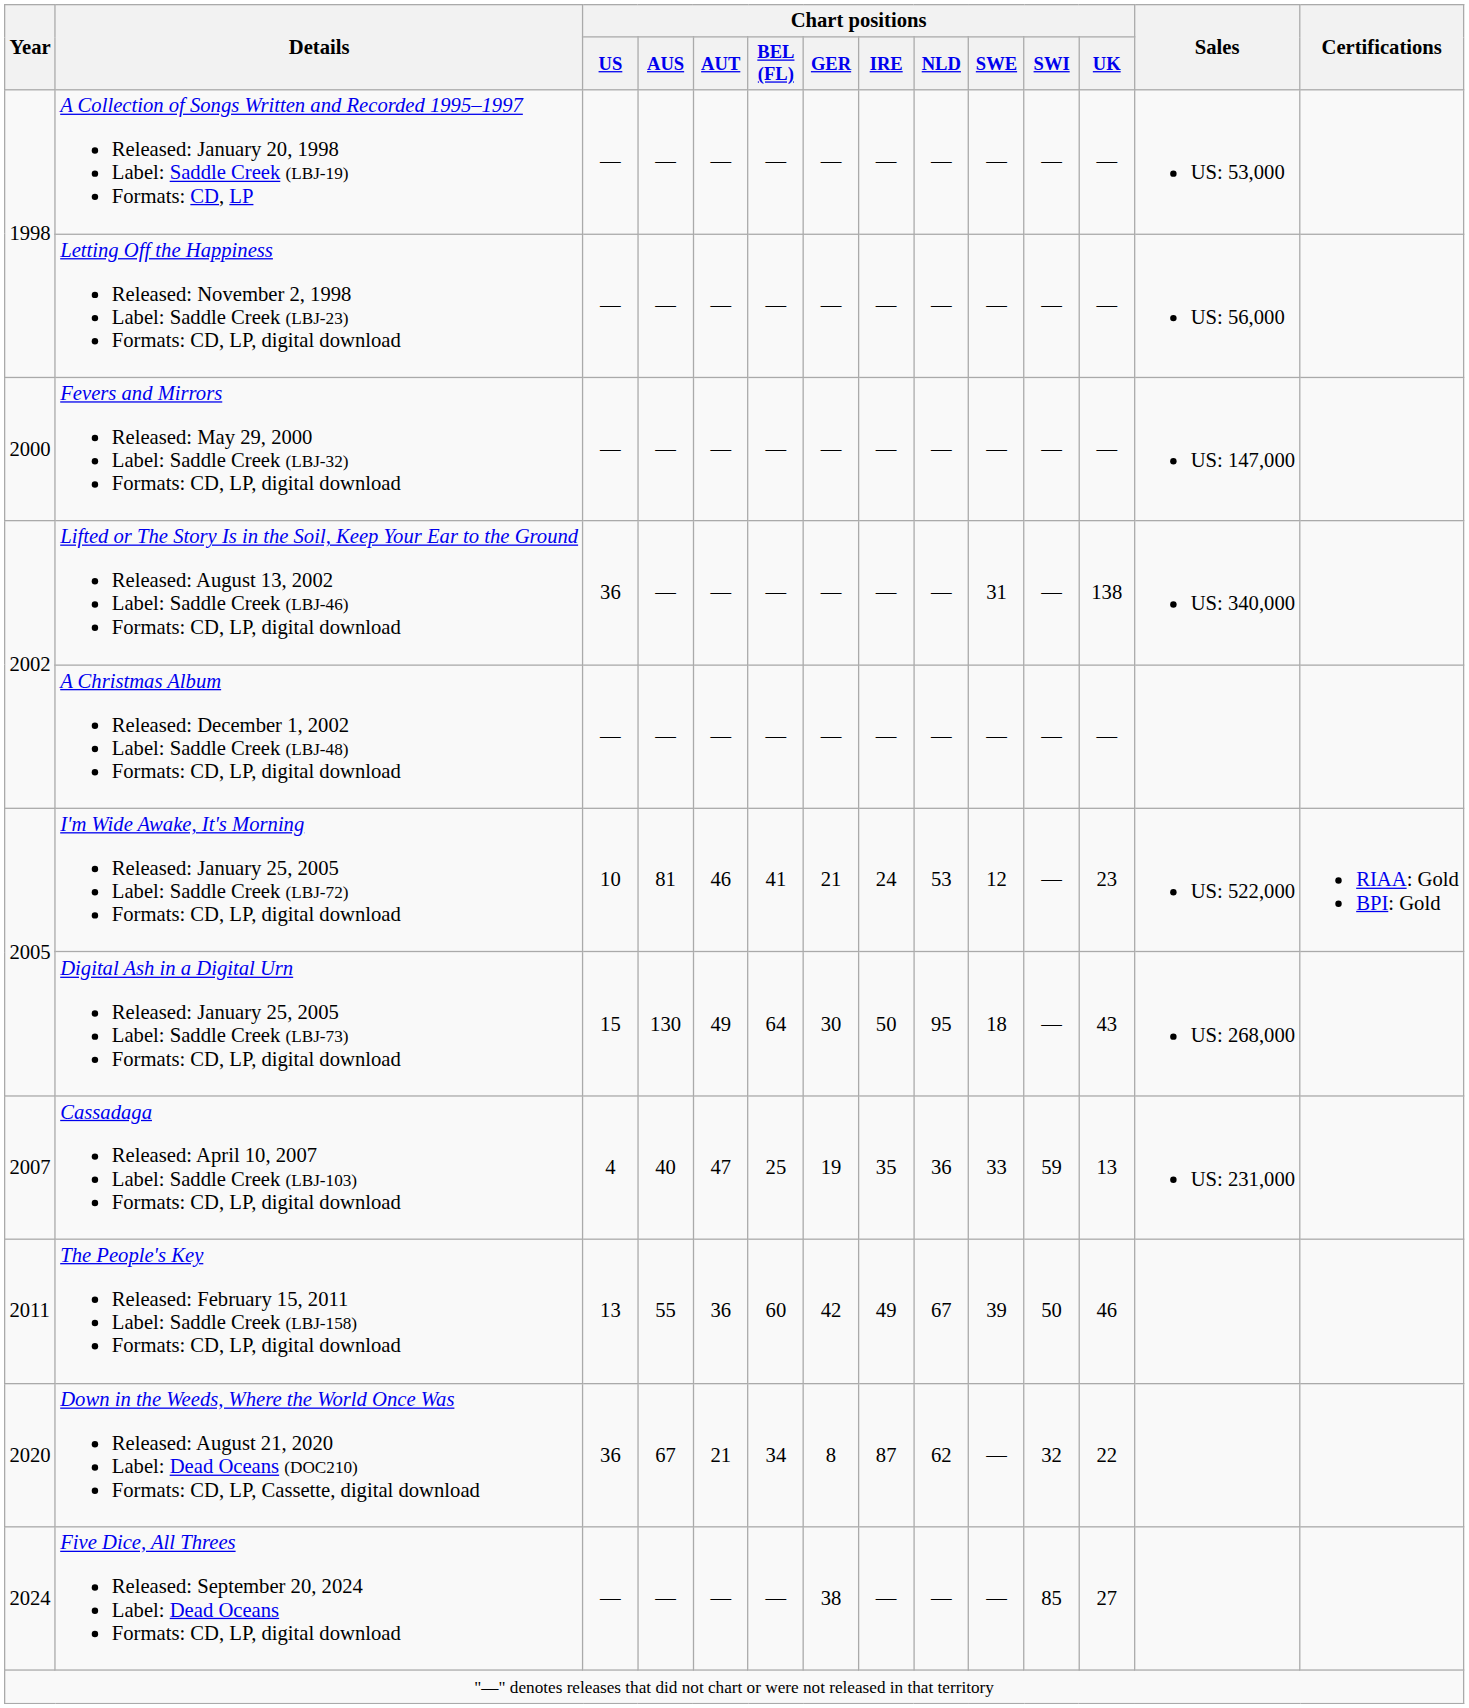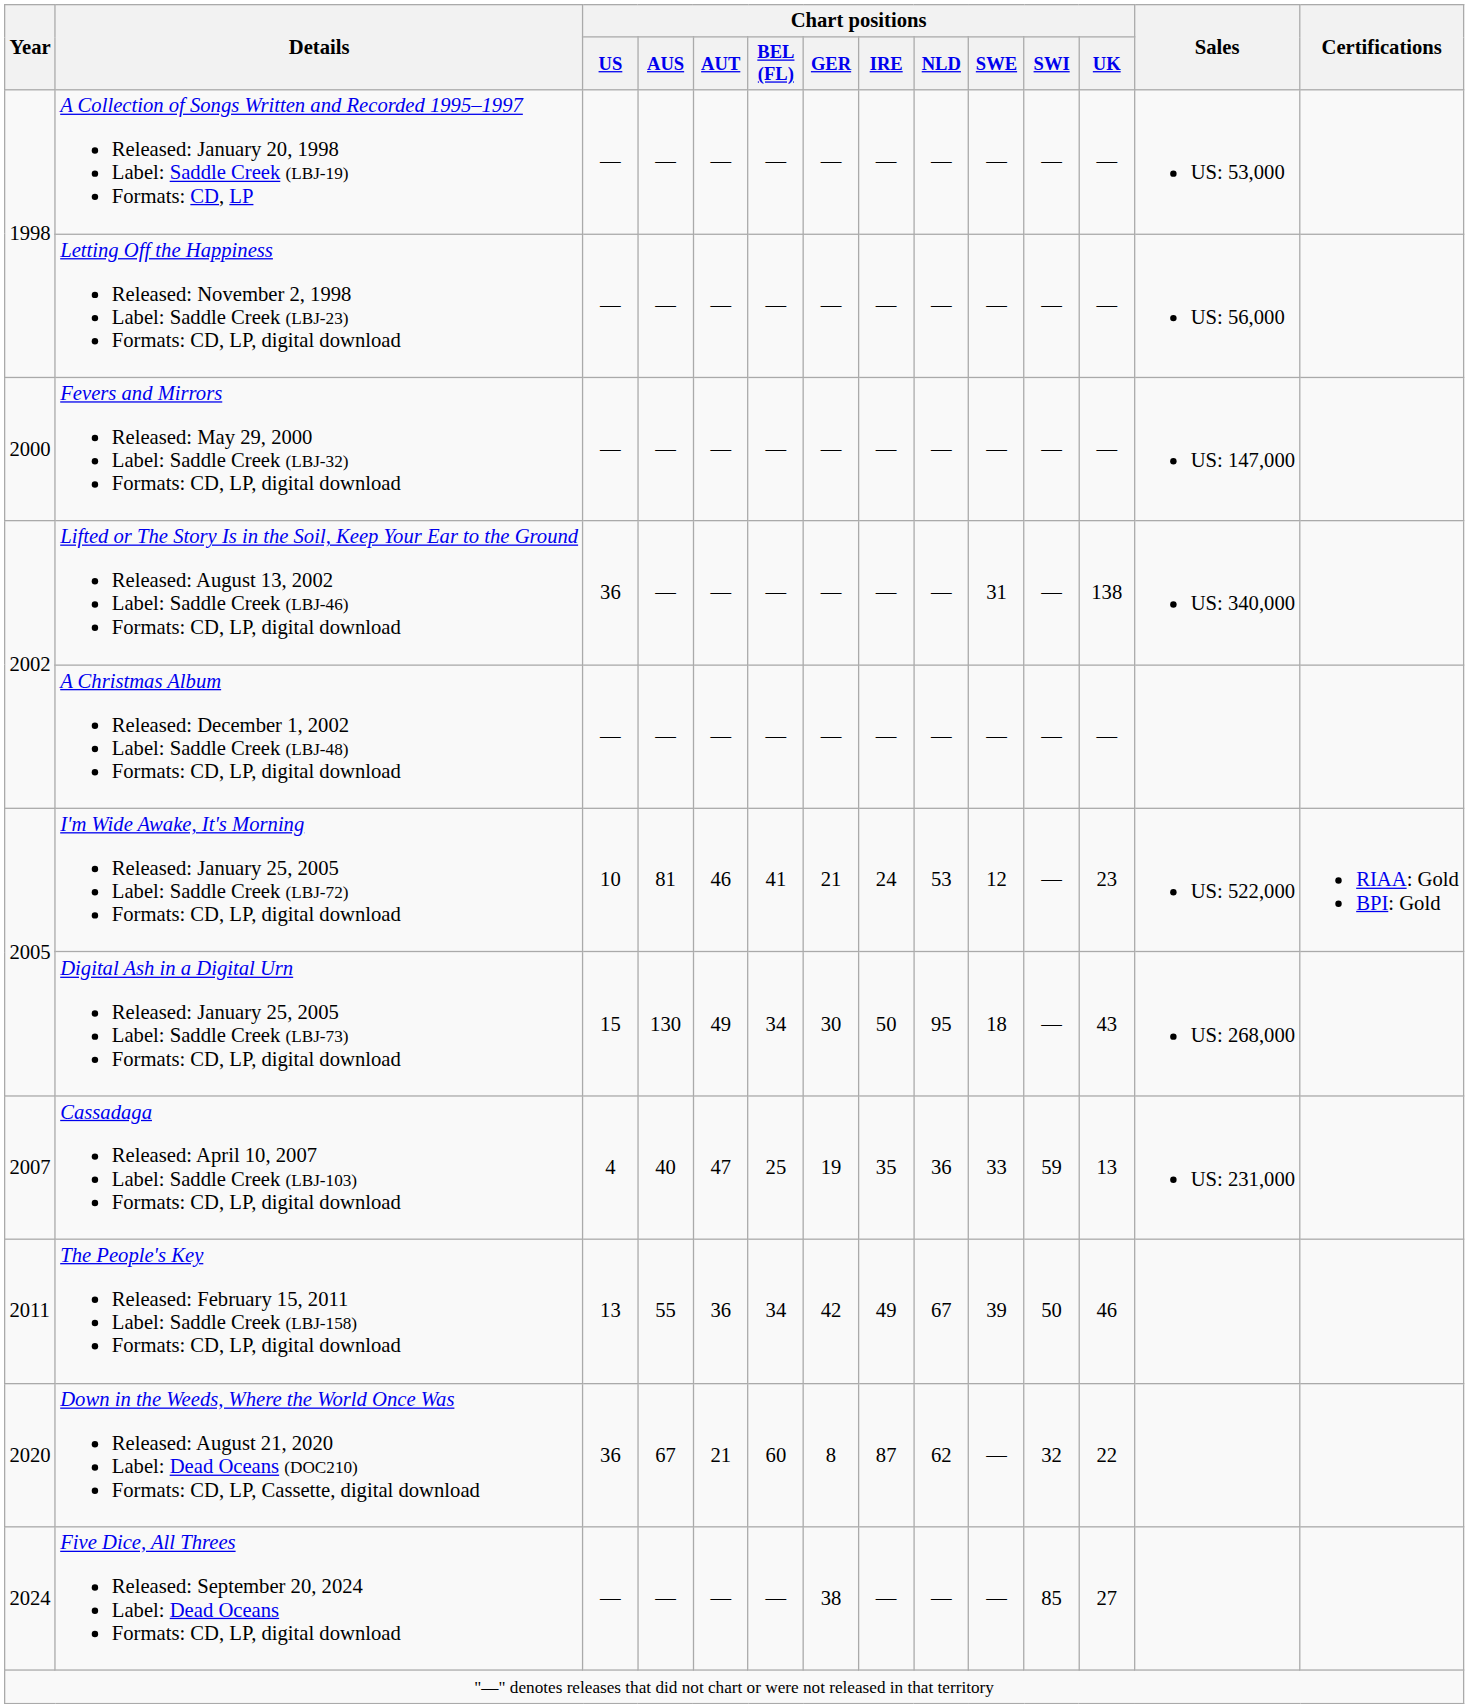 <table class="wikitable">
 <tr>
 <th rowspan="2">Year</th>
 <th rowspan="2">Details</th>
 <th colspan="10">Chart positions</th>
 <th rowspan="2">Sales</th>
 <th rowspan="2">Certifications</th>
 </tr>
 <tr>
 <th scope="col" style="width:2.5em;font-size:90%;"><a href='#'>US</a><br></th>
 <th scope="col" style="width:2.5em;font-size:90%;"><a href='#'>AUS</a><br></th>
 <th scope="col" style="width:2.5em;font-size:90%;"><a href='#'>AUT</a><br></th>
 <th scope="col" style="width:2.5em;font-size:90%;"><a href='#'>BEL<br>(FL)</a><br></th>
 <th scope="col" style="width:2.5em;font-size:90%;"><a href='#'>GER</a><br></th>
 <th scope="col" style="width:2.5em;font-size:90%;"><a href='#'>IRE</a><br></th>
 <th scope="col" style="width:2.5em;font-size:90%;"><a href='#'>NLD</a><br></th>
 <th scope="col" style="width:2.5em;font-size:90%;"><a href='#'>SWE</a><br></th>
 <th scope="col" style="width:2.5em;font-size:90%;"><a href='#'>SWI</a><br></th>
 <th scope="col" style="width:2.5em;font-size:90%;"><a href='#'>UK</a><br></th>
 </tr>
 <tr>
 <td rowspan="2">1998</td>
 <td><em><a href='#'>A Collection of Songs Written and Recorded 1995–1997</a></em><br><ul><li>Released: January 20, 1998</li><li>Label: <a href='#'>Saddle Creek</a> <small>(LBJ-19)</small></li><li>Formats: <a href='#'>CD</a>, <a href='#'>LP</a></li></ul></td>
 <td align="center">—</td>
 <td align="center">—</td>
 <td align="center">—</td>
 <td align="center">—</td>
 <td align="center">—</td>
 <td align="center">—</td>
 <td align="center">—</td>
 <td align="center">—</td>
 <td align="center">—</td>
 <td align="center">—</td>
 <td><br><ul><li>US: 53,000</li></ul></td>
 <td></td>
 </tr>
 <tr>
 <td><em><a href='#'>Letting Off the Happiness</a></em><br><ul><li>Released: November 2, 1998</li><li>Label: Saddle Creek <small>(LBJ-23)</small></li><li>Formats: CD, LP, digital download</li></ul></td>
 <td align="center">—</td>
 <td align="center">—</td>
 <td align="center">—</td>
 <td align="center">—</td>
 <td align="center">—</td>
 <td align="center">—</td>
 <td align="center">—</td>
 <td align="center">—</td>
 <td align="center">—</td>
 <td align="center">—</td>
 <td><br><ul><li>US: 56,000</li></ul></td>
 <td></td>
 </tr>
 <tr>
 <td>2000</td>
 <td><em><a href='#'>Fevers and Mirrors</a></em><br><ul><li>Released: May 29, 2000</li><li>Label: Saddle Creek <small>(LBJ-32)</small></li><li>Formats: CD, LP, digital download</li></ul></td>
 <td align="center">—</td>
 <td align="center">—</td>
 <td align="center">—</td>
 <td align="center">—</td>
 <td align="center">—</td>
 <td align="center">—</td>
 <td align="center">—</td>
 <td align="center">—</td>
 <td align="center">—</td>
 <td align="center">—</td>
 <td><br><ul><li>US: 147,000</li></ul></td>
 <td></td>
 </tr>
 <tr>
 <td rowspan="2">2002</td>
 <td><em><a href='#'>Lifted or The Story Is in the Soil, Keep Your Ear to the Ground</a></em><br><ul><li>Released: August 13, 2002</li><li>Label: Saddle Creek <small>(LBJ-46)</small></li><li>Formats: CD, LP, digital download</li></ul></td>
 <td align="center">36</td>
 <td align="center">—</td>
 <td align="center">—</td>
 <td align="center">—</td>
 <td align="center">—</td>
 <td align="center">—</td>
 <td align="center">—</td>
 <td align="center">31</td>
 <td align="center">—</td>
 <td align="center">138</td>
 <td><br><ul><li>US: 340,000</li></ul></td>
 <td></td>
 </tr>
 <tr>
 <td><em><a href='#'>A Christmas Album</a></em><br><ul><li>Released: December 1, 2002</li><li>Label: Saddle Creek <small>(LBJ-48)</small></li><li>Formats: CD, LP, digital download</li></ul></td>
 <td align="center">—</td>
 <td align="center">—</td>
 <td align="center">—</td>
 <td align="center">—</td>
 <td align="center">—</td>
 <td align="center">—</td>
 <td align="center">—</td>
 <td align="center">—</td>
 <td align="center">—</td>
 <td align="center">—</td>
 <td></td>
 <td></td>
 </tr>
 <tr>
 <td rowspan="2">2005</td>
 <td><em><a href='#'>I'm Wide Awake, It's Morning</a></em><br><ul><li>Released: January 25, 2005</li><li>Label: Saddle Creek <small>(LBJ-72)</small></li><li>Formats: CD, LP, digital download</li></ul></td>
 <td align="center">10</td>
 <td align="center">81</td>
 <td align="center">46</td>
 <td align="center">41</td>
 <td align="center">21</td>
 <td align="center">24</td>
 <td align="center">53</td>
 <td align="center">12</td>
 <td align="center">—</td>
 <td align="center">23</td>
 <td><br><ul><li>US: 522,000</li></ul></td>
 <td><br><ul><li><a href='#'>RIAA</a>: Gold</li><li><a href='#'>BPI</a>: Gold</li></ul></td>
 </tr>
 <tr>
 <td><em><a href='#'>Digital Ash in a Digital Urn</a></em><br><ul><li>Released: January 25, 2005</li><li>Label: Saddle Creek <small>(LBJ-73)</small></li><li>Formats: CD, LP, digital download</li></ul></td>
 <td align="center">15</td>
 <td align="center">130</td>
 <td align="center">49</td>
-<td align="center">64</td>
+<td align="center">34</td>
 <td align="center">30</td>
 <td align="center">50</td>
 <td align="center">95</td>
 <td align="center">18</td>
 <td align="center">—</td>
 <td align="center">43</td>
 <td><br><ul><li>US: 268,000</li></ul></td>
 <td></td>
 </tr>
 <tr>
 <td>2007</td>
 <td><em><a href='#'>Cassadaga</a></em><br><ul><li>Released: April 10, 2007</li><li>Label: Saddle Creek <small>(LBJ-103)</small></li><li>Formats: CD, LP, digital download</li></ul></td>
 <td align="center">4</td>
 <td align="center">40</td>
 <td align="center">47</td>
 <td align="center">25</td>
 <td align="center">19</td>
 <td align="center">35</td>
 <td align="center">36</td>
 <td align="center">33</td>
 <td align="center">59</td>
 <td align="center">13</td>
 <td><br><ul><li>US: 231,000</li></ul></td>
 <td></td>
 </tr>
 <tr>
 <td>2011</td>
 <td><em><a href='#'>The People's Key</a></em><br><ul><li>Released: February 15, 2011</li><li>Label: Saddle Creek <small>(LBJ-158)</small></li><li>Formats: CD, LP, digital download</li></ul></td>
 <td align="center">13</td>
 <td align="center">55</td>
 <td align="center">36</td>
-<td align="center">60</td>
+<td align="center">34</td>
 <td align="center">42</td>
 <td align="center">49</td>
 <td align="center">67</td>
 <td align="center">39</td>
 <td align="center">50</td>
 <td align="center">46</td>
 <td></td>
 <td></td>
 </tr>
 <tr>
 <td>2020</td>
 <td><em><a href='#'>Down in the Weeds, Where the World Once Was</a></em><br><ul><li>Released: August 21, 2020</li><li>Label: <a href='#'>Dead Oceans</a> <small>(DOC210)</small></li><li>Formats: CD, LP, Cassette, digital download</li></ul></td>
 <td align="center">36</td>
 <td align="center">67</td>
 <td align="center">21</td>
-<td align="center">34</td>
+<td align="center">60</td>
 <td align="center">8</td>
 <td align="center">87</td>
 <td align="center">62</td>
 <td align="center">—</td>
 <td align="center">32</td>
 <td align="center">22</td>
 <td></td>
 <td></td>
 </tr>
 <tr>
 <td>2024</td>
 <td><em><a href='#'>Five Dice, All Threes</a></em><br><ul><li>Released: September 20, 2024</li><li>Label: <a href='#'>Dead Oceans</a></li><li>Formats: CD, LP, digital download</li></ul></td>
 <td align="center">—</td>
 <td align="center">—</td>
 <td align="center">—</td>
 <td align="center">—</td>
 <td align="center">38</td>
 <td align="center">—</td>
 <td align="center">—</td>
 <td align="center">—</td>
 <td align="center">85</td>
 <td align="center">27</td>
 <td></td>
 <td></td>
 </tr>
 <tr>
 <td colspan="14" align="center"><small>"—" denotes releases that did not chart or were not released in that territory</small></td>
 </tr>
 </table>
